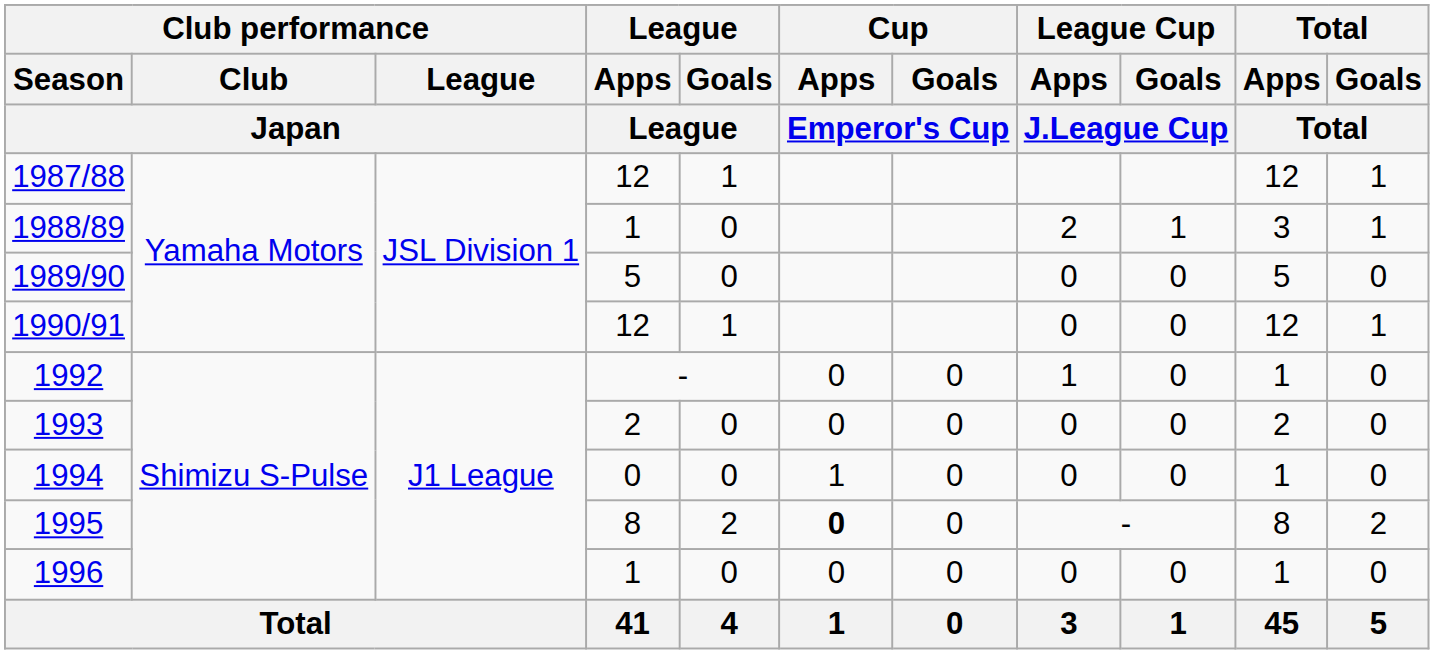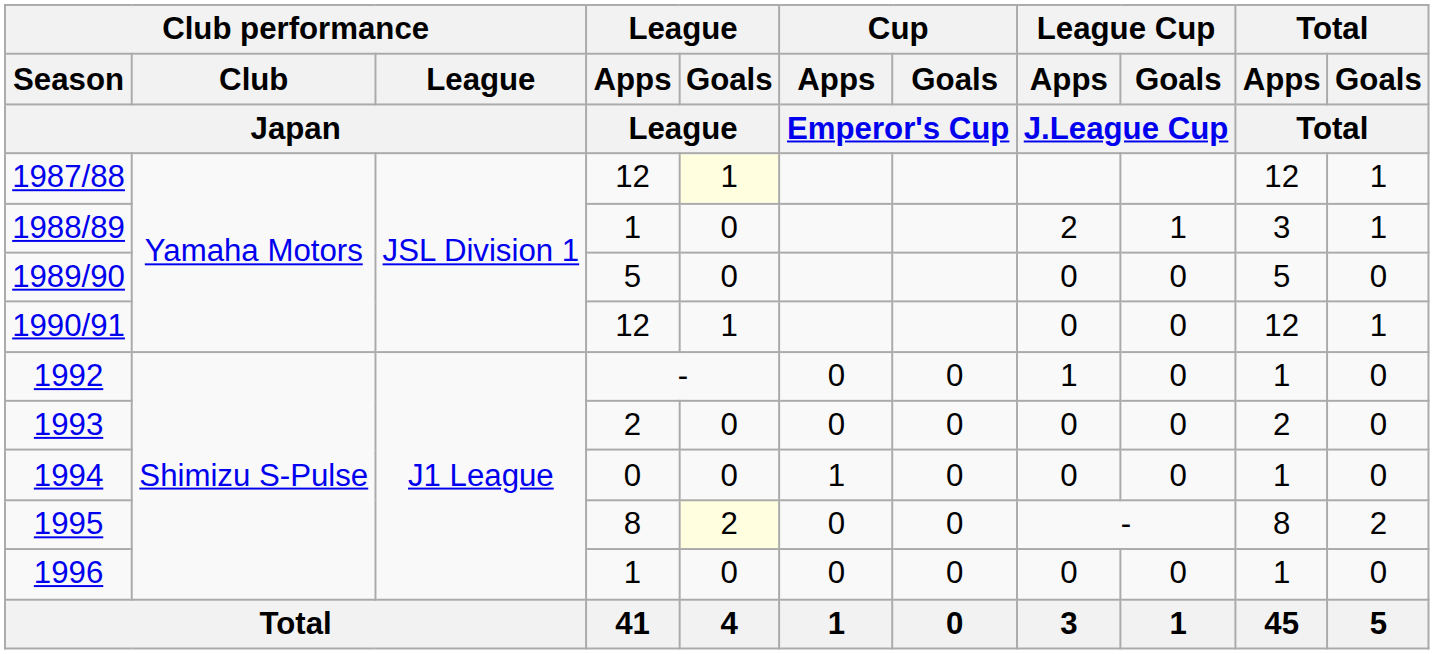 <table class="wikitable" style="text-align:center;">
 <tr>
 <th colspan=3>Club performance</th>
 <th colspan=2>League</th>
 <th colspan=2>Cup</th>
 <th colspan=2>League Cup</th>
 <th colspan=2>Total</th>
 </tr>
 <tr>
 <th>Season</th>
 <th>Club</th>
 <th>League</th>
 <th>Apps</th>
 <th>Goals</th>
 <th>Apps</th>
 <th>Goals</th>
 <th>Apps</th>
 <th>Goals</th>
 <th>Apps</th>
 <th>Goals</th>
 </tr>
 <tr>
 <th colspan=3>Japan</th>
 <th colspan=2>League</th>
 <th colspan=2><a href='#'>Emperor's Cup</a></th>
 <th colspan=2><a href='#'>J.League Cup</a></th>
 <th colspan=2>Total</th>
 </tr>
 <tr>
 <td><a href='#'>1987/88</a></td>
 <td rowspan="4"><a href='#'>Yamaha Motors</a></td>
 <td rowspan="4"><a href='#'>JSL Division 1</a></td>
 <td>12</td>
-<td>1</td>
+<td style="background: lightyellow;">1</td>
 <td></td>
 <td></td>
 <td></td>
 <td></td>
 <td>12</td>
 <td>1</td>
 </tr>
 <tr>
 <td><a href='#'>1988/89</a></td>
 <td>1</td>
 <td>0</td>
 <td></td>
 <td></td>
 <td>2</td>
 <td>1</td>
 <td>3</td>
 <td>1</td>
 </tr>
 <tr>
 <td><a href='#'>1989/90</a></td>
 <td>5</td>
 <td>0</td>
 <td></td>
 <td></td>
 <td>0</td>
 <td>0</td>
 <td>5</td>
 <td>0</td>
 </tr>
 <tr>
 <td><a href='#'>1990/91</a></td>
 <td>12</td>
 <td>1</td>
 <td></td>
 <td></td>
 <td>0</td>
 <td>0</td>
 <td>12</td>
 <td>1</td>
 </tr>
 <tr>
 <td><a href='#'>1992</a></td>
 <td rowspan="5"><a href='#'>Shimizu S-Pulse</a></td>
 <td rowspan="5"><a href='#'>J1 League</a></td>
 <td colspan="2">-</td>
 <td>0</td>
 <td>0</td>
 <td>1</td>
 <td>0</td>
 <td>1</td>
 <td>0</td>
 </tr>
 <tr>
 <td><a href='#'>1993</a></td>
 <td>2</td>
 <td>0</td>
 <td>0</td>
 <td>0</td>
 <td>0</td>
 <td>0</td>
 <td>2</td>
 <td>0</td>
 </tr>
 <tr>
 <td><a href='#'>1994</a></td>
 <td>0</td>
 <td>0</td>
 <td>1</td>
 <td>0</td>
 <td>0</td>
 <td>0</td>
 <td>1</td>
 <td>0</td>
 </tr>
 <tr>
 <td><a href='#'>1995</a></td>
 <td>8</td>
-<td>2</td>
-<td><strong>0</strong></td>
+<td style="background: lightyellow;">2</td>
+<td>0</td>
 <td>0</td>
 <td colspan="2">-</td>
 <td>8</td>
 <td>2</td>
 </tr>
 <tr>
 <td><a href='#'>1996</a></td>
 <td>1</td>
 <td>0</td>
 <td>0</td>
 <td>0</td>
 <td>0</td>
 <td>0</td>
 <td>1</td>
 <td>0</td>
 </tr>
 <tr>
 <th colspan=3>Total</th>
 <th>41</th>
 <th>4</th>
 <th>1</th>
 <th>0</th>
 <th>3</th>
 <th>1</th>
 <th>45</th>
 <th>5</th>
 </tr>
 </table>
